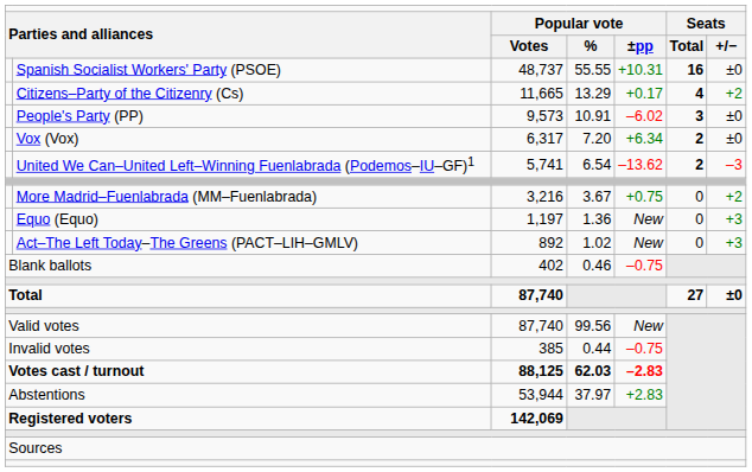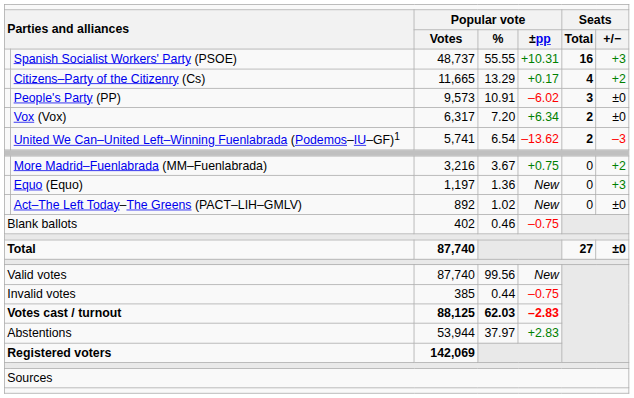 <table class="wikitable" style="text-align:right;">
 <tr>
 <td colspan="7"></td>
 </tr>
 <tr>
 <th style="text-align:left;" rowspan="2" colspan="2" width="525">Parties and alliances</th>
 <th colspan="3">Popular vote</th>
 <th colspan="2">Seats</th>
 </tr>
 <tr>
 <th width="75">Votes</th>
 <th width="45">%</th>
 <th width="45">±<a href='#'>pp</a></th>
 <th width="35">Total</th>
 <th width="35">+/−</th>
 </tr>
 <tr>
 <td width="1" style="color:inherit;background:"></td>
 <td align="left"><a href='#'>Spanish Socialist Workers' Party</a> (PSOE)</td>
 <td>48,737</td>
 <td>55.55</td>
 <td style="color:green;">+10.31</td>
 <td><strong>16</strong></td>
-<td>±0</td>
+<td style="color:green;">+3</td>
 </tr>
 <tr>
 <td style="color:inherit;background:"></td>
 <td align="left"><a href='#'>Citizens–Party of the Citizenry</a> (Cs)</td>
 <td>11,665</td>
 <td>13.29</td>
 <td style="color:green;">+0.17</td>
 <td><strong>4</strong></td>
 <td style="color:green;">+2</td>
 </tr>
 <tr>
 <td style="color:inherit;background:"></td>
 <td align="left"><a href='#'>People's Party</a> (PP)</td>
 <td>9,573</td>
 <td>10.91</td>
 <td style="color:red;">–6.02</td>
 <td><strong>3</strong></td>
 <td>±0</td>
 </tr>
 <tr>
 <td style="color:inherit;background:"></td>
 <td align="left"><a href='#'>Vox</a> (Vox)</td>
 <td>6,317</td>
 <td>7.20</td>
 <td style="color:green;">+6.34</td>
 <td><strong>2</strong></td>
 <td>±0</td>
 </tr>
 <tr>
 <td style="color:inherit;background:"></td>
 <td align="left"><a href='#'>United We Can–United Left–Winning Fuenlabrada</a> (<a href='#'>Podemos</a>–<a href='#'>IU</a>–GF)<sup>1</sup></td>
 <td>5,741</td>
 <td>6.54</td>
 <td style="color:red;">–13.62</td>
 <td><strong>2</strong></td>
 <td style="color:red;">–3</td>
 </tr>
 <tr>
 <td colspan="7" bgcolor="#C0C0C0"></td>
 </tr>
 <tr>
 <td style="color:inherit;background:"></td>
 <td align="left"><a href='#'>More Madrid–Fuenlabrada</a> (MM–Fuenlabrada)</td>
 <td>3,216</td>
 <td>3.67</td>
 <td style="color:green;">+0.75</td>
 <td>0</td>
 <td style="color:green;">+2</td>
 </tr>
 <tr>
 <td style="color:inherit;background:"></td>
 <td align="left"><a href='#'>Equo</a> (Equo)</td>
 <td>1,197</td>
 <td>1.36</td>
 <td><em>New</em></td>
 <td>0</td>
 <td style="color:green;">+3</td>
 </tr>
 <tr>
 <td style="color:inherit;background:"></td>
 <td align="left"><a href='#'>Act–The Left Today</a>–<a href='#'>The Greens</a> (PACT–LIH–GMLV)</td>
 <td>892</td>
 <td>1.02</td>
 <td><em>New</em></td>
 <td>0</td>
-<td style="color:green;">+3</td>
+<td>±0</td>
 </tr>
 <tr>
 <td align="left" colspan="2">Blank ballots</td>
 <td>402</td>
 <td>0.46</td>
 <td style="color:red;">–0.75</td>
 <td bgcolor="#E9E9E9" colspan="2"></td>
 </tr>
 <tr>
 <td colspan="7" bgcolor="#E9E9E9"></td>
 </tr>
 <tr style="font-weight:bold;">
 <td align="left" colspan="2">Total</td>
 <td>87,740</td>
 <td bgcolor="#E9E9E9" colspan="2"></td>
 <td>27</td>
 <td>±0</td>
 </tr>
 <tr>
 <td colspan="7" bgcolor="#E9E9E9"></td>
 </tr>
 <tr>
 <td align="left" colspan="2">Valid votes</td>
 <td>87,740</td>
 <td>99.56</td>
 <td><em>New</em></td>
 <td bgcolor="#E9E9E9" colspan="2" rowspan="5"></td>
 </tr>
 <tr>
 <td align="left" colspan="2">Invalid votes</td>
 <td>385</td>
 <td>0.44</td>
 <td style="color:red;">–0.75</td>
 </tr>
 <tr style="font-weight:bold;">
 <td align="left" colspan="2">Votes cast / turnout</td>
 <td>88,125</td>
 <td>62.03</td>
 <td style="color:red;">–2.83</td>
 </tr>
 <tr>
 <td align="left" colspan="2">Abstentions</td>
 <td>53,944</td>
 <td>37.97</td>
 <td style="color:green;">+2.83</td>
 </tr>
 <tr style="font-weight:bold;">
 <td align="left" colspan="2">Registered voters</td>
 <td>142,069</td>
 <td bgcolor="#E9E9E9" colspan="2"></td>
 </tr>
 <tr>
 <td colspan="7" bgcolor="#E9E9E9"></td>
 </tr>
 <tr>
 <td align="left" colspan="7">Sources</td>
 </tr>
 <tr>
 <td colspan="7" style="text-align:left; max-width:790px;"></td>
 </tr>
 </table>
